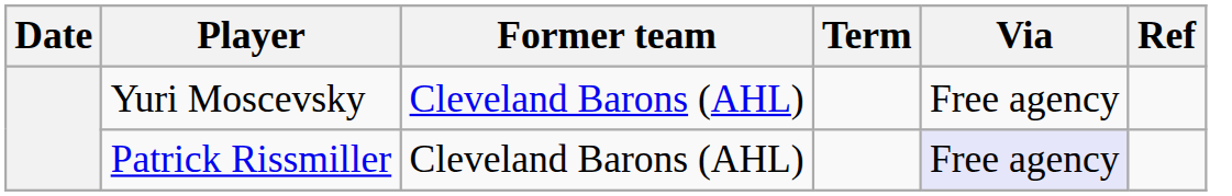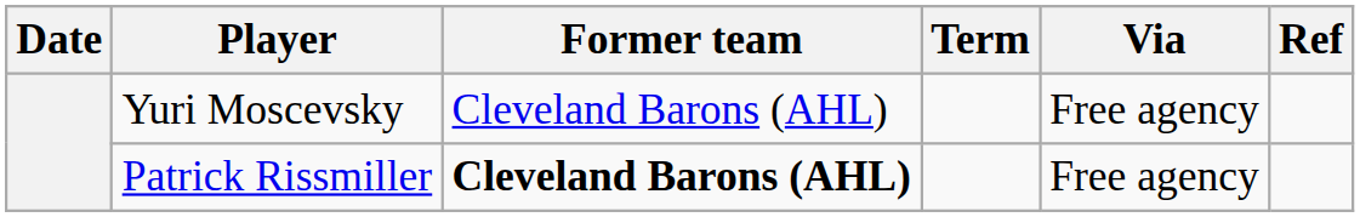 <table class="wikitable plainrowheaders">
 <tr style="background:#ddd; text-align:center;">
 <th>Date</th>
 <th>Player</th>
 <th>Former team</th>
 <th>Term</th>
 <th>Via</th>
 <th>Ref</th>
 </tr>
 <tr>
 <th scope="row" rowspan=2></th>
 <td>Yuri Moscevsky</td>
 <td><a href='#'>Cleveland Barons</a> (<a href='#'>AHL</a>)</td>
 <td></td>
 <td>Free agency</td>
 <td></td>
 </tr>
 <tr>
 <td><a href='#'>Patrick Rissmiller</a></td>
-<td>Cleveland Barons (AHL)</td>
+<td><strong>Cleveland Barons (AHL)</strong></td>
 <td></td>
-<td style="background: lavender;">Free agency</td>
+<td>Free agency</td>
 <td></td>
 </tr>
 </table>
